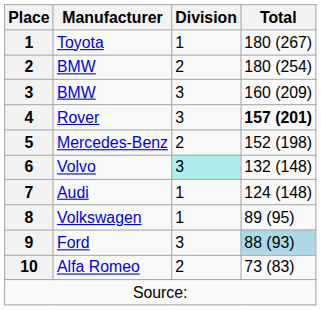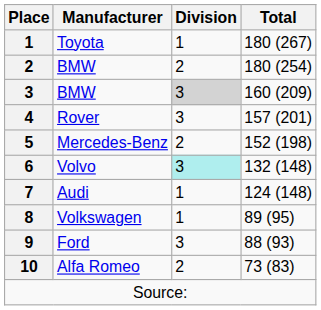 <table class="wikitable" style="font-size: 90%;">
 <tr>
 <th>Place</th>
 <th>Manufacturer</th>
 <th>Division</th>
 <th>Total</th>
 </tr>
 <tr>
 <th>1</th>
 <td> <a href='#'>Toyota</a></td>
 <td>1</td>
 <td>180 (267)</td>
 </tr>
 <tr>
 <th>2</th>
 <td> <a href='#'>BMW</a></td>
 <td>2</td>
 <td>180 (254)</td>
 </tr>
 <tr>
 <th>3</th>
 <td> <a href='#'>BMW</a></td>
-<td>3</td>
+<td style="background: lightgrey;">3</td>
 <td>160 (209)</td>
 </tr>
 <tr>
 <th>4</th>
 <td> <a href='#'>Rover</a></td>
 <td>3</td>
-<td><strong>157 (201)</strong></td>
+<td>157 (201)</td>
 </tr>
 <tr>
 <th>5</th>
 <td> <a href='#'>Mercedes-Benz</a></td>
 <td>2</td>
 <td>152 (198)</td>
 </tr>
 <tr>
 <th>6</th>
 <td> <a href='#'>Volvo</a></td>
 <td style="background: paleturquoise;">3</td>
 <td>132 (148)</td>
 </tr>
 <tr>
 <th>7</th>
 <td> <a href='#'>Audi</a></td>
 <td>1</td>
 <td>124 (148)</td>
 </tr>
 <tr>
 <th>8</th>
 <td> <a href='#'>Volkswagen</a></td>
 <td>1</td>
 <td>89 (95)</td>
 </tr>
 <tr>
 <th>9</th>
 <td> <a href='#'>Ford</a></td>
 <td>3</td>
-<td style="background: lightblue;">88 (93)</td>
+<td>88 (93)</td>
 </tr>
 <tr>
 <th>10</th>
 <td> <a href='#'>Alfa Romeo</a></td>
 <td>2</td>
 <td>73 (83)</td>
 </tr>
 <tr>
 <td colspan="4" style="text-align:center;">Source:</td>
 </tr>
 </table>
